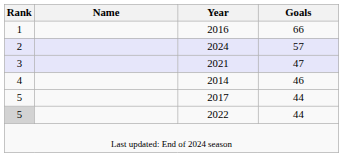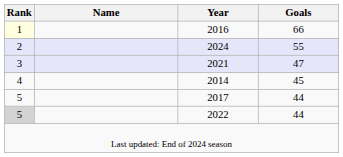 <table class="wikitable sortable" style="width:500px; text-align: center">
 <tr>
 <th width=5%>Rank</th>
 <th width=45%>Name</th>
 <th width=25%>Year</th>
 <th width=25%>Goals</th>
 </tr>
 <tr>
-<td>1</td>
+<td style="background: lightyellow;">1</td>
 <td></td>
 <td>2016</td>
 <td>66</td>
 </tr>
 <tr style="background:lavender;">
 <td>2</td>
 <td></td>
 <td>2024</td>
-<td>57</td>
+<td>55</td>
 </tr>
 <tr style="background:lavender;">
 <td>3</td>
 <td></td>
 <td>2021</td>
 <td>47</td>
 </tr>
 <tr>
 <td>4</td>
 <td></td>
 <td>2014</td>
-<td>46</td>
+<td>45</td>
 </tr>
 <tr>
 <td>5</td>
 <td></td>
 <td>2017</td>
 <td>44</td>
 </tr>
 <tr>
 <td style="background: lightgrey;">5</td>
 <td></td>
 <td>2022</td>
 <td>44</td>
 </tr>
 <tr class="sortbottom">
 <td colspan=5><br><small>Last updated: End of 2024 season</small></td>
 </tr>
 </table>
